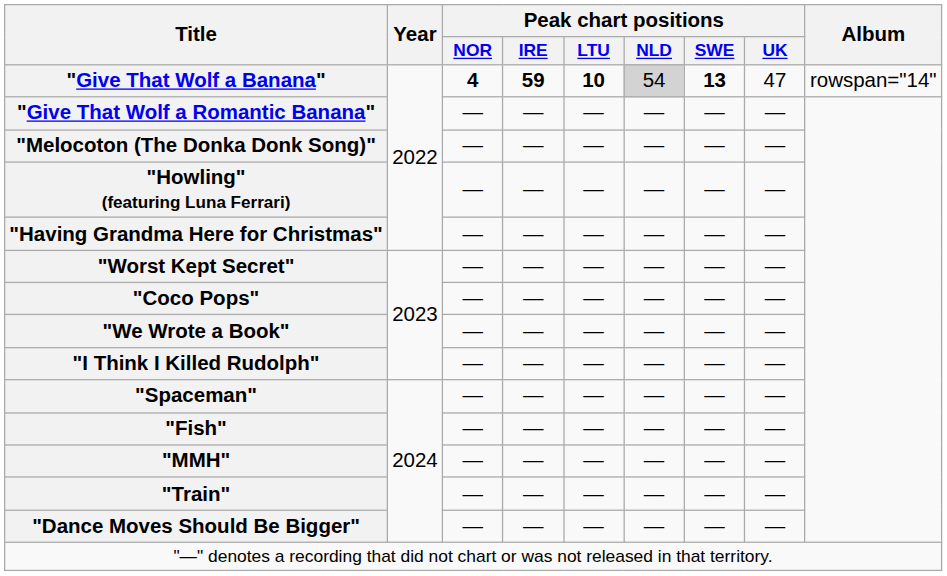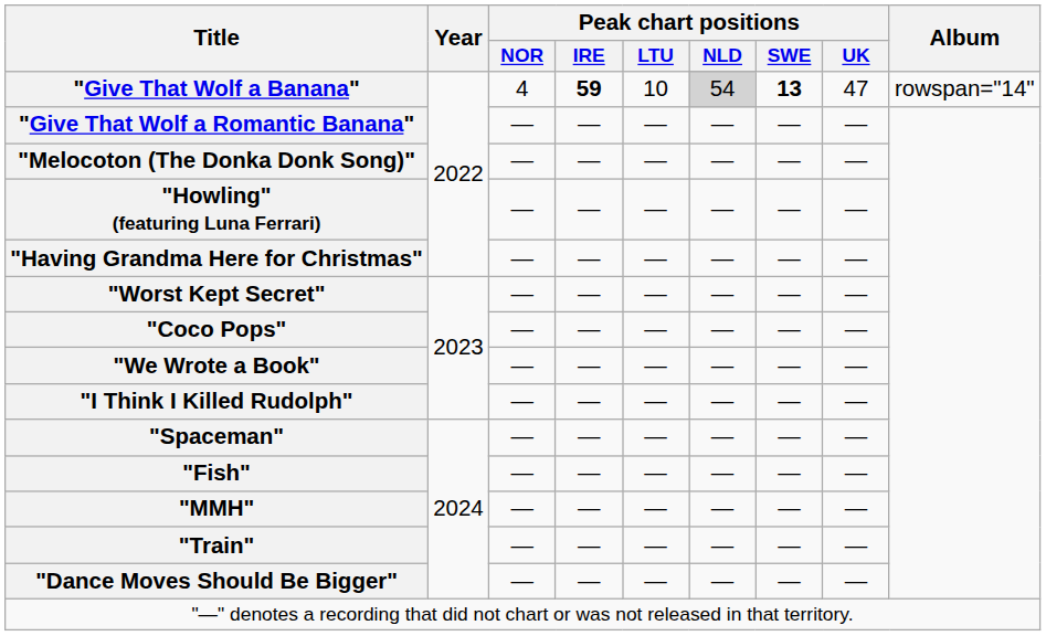 <table class="wikitable plainrowheaders" style="text-align:center;">
 <tr>
 <th scope="col" rowspan="2">Title</th>
 <th scope="col" rowspan="2">Year</th>
 <th scope="col" colspan="6">Peak chart positions</th>
 <th scope="col" rowspan="2">Album</th>
 </tr>
 <tr>
 <th scope="col" style="width:3em;font-size:85%;"><a href='#'>NOR</a><br></th>
 <th scope="col" style="width:3em;font-size:85%;"><a href='#'>IRE</a><br></th>
 <th scope="col" style="width:3em;font-size:85%;"><a href='#'>LTU</a><br></th>
 <th scope="col" style="width:3em;font-size:85%;"><a href='#'>NLD</a><br></th>
 <th scope="col" style="width:3em;font-size:85%;"><a href='#'>SWE</a><br></th>
 <th scope="col" style="width:3em;font-size:85%;"><a href='#'>UK</a><br></th>
 </tr>
 <tr>
 <th scope="row">"<a href='#'>Give That Wolf a Banana</a>"</th>
 <td rowspan="5">2022</td>
-<td><strong>4</strong></td>
+<td>4</td>
 <td><strong>59</strong></td>
-<td><strong>10</strong></td>
+<td>10</td>
 <td style="background: lightgrey;">54</td>
 <td><strong>13</strong></td>
 <td>47</td>
 <td>rowspan="14" </td>
 </tr>
 <tr>
 <th scope="row">"<a href='#'>Give That Wolf a Romantic Banana</a>"</th>
 <td>—</td>
 <td>—</td>
 <td>—</td>
 <td>—</td>
 <td>—</td>
 <td>—</td>
 </tr>
 <tr>
 <th scope="row">"Melocoton (The Donka Donk Song)"</th>
 <td>—</td>
 <td>—</td>
 <td>—</td>
 <td>—</td>
 <td>—</td>
 <td>—</td>
 </tr>
 <tr>
 <th scope="row">"Howling"<br><small>(featuring Luna Ferrari)</small></th>
 <td>—</td>
 <td>—</td>
 <td>—</td>
 <td>—</td>
 <td>—</td>
 <td>—</td>
 </tr>
 <tr>
 <th scope="row">"Having Grandma Here for Christmas"</th>
 <td>—</td>
 <td>—</td>
 <td>—</td>
 <td>—</td>
 <td>—</td>
 <td>—</td>
 </tr>
 <tr>
 <th scope="row">"Worst Kept Secret"</th>
 <td rowspan="4">2023</td>
 <td>—</td>
 <td>—</td>
 <td>—</td>
 <td>—</td>
 <td>—</td>
 <td>—</td>
 </tr>
 <tr>
 <th scope="row">"Coco Pops"<br></th>
 <td>—</td>
 <td>—</td>
 <td>—</td>
 <td>—</td>
 <td>—</td>
 <td>—</td>
 </tr>
 <tr>
 <th scope="row">"We Wrote a Book"</th>
 <td>—</td>
 <td>—</td>
 <td>—</td>
 <td>—</td>
 <td>—</td>
 <td>—</td>
 </tr>
 <tr>
 <th scope="row">"I Think I Killed Rudolph"<br></th>
 <td>—</td>
 <td>—</td>
 <td>—</td>
 <td>—</td>
 <td>—</td>
 <td>—</td>
 </tr>
 <tr>
 <th scope="row">"Spaceman"<br></th>
 <td rowspan="5">2024</td>
 <td>—</td>
 <td>—</td>
 <td>—</td>
 <td>—</td>
 <td>—</td>
 <td>—</td>
 </tr>
 <tr>
 <th scope="row">"Fish"<br></th>
 <td>—</td>
 <td>—</td>
 <td>—</td>
 <td>—</td>
 <td>—</td>
 <td>—</td>
 </tr>
 <tr>
 <th scope="row">"MMH"<br></th>
 <td>—</td>
 <td>—</td>
 <td>—</td>
 <td>—</td>
 <td>—</td>
 <td>—</td>
 </tr>
 <tr>
 <th scope="row">"Train"<br></th>
 <td>—</td>
 <td>—</td>
 <td>—</td>
 <td>—</td>
 <td>—</td>
 <td>—</td>
 </tr>
 <tr>
 <th scope="row">"Dance Moves Should Be Bigger"</th>
 <td>—</td>
 <td>—</td>
 <td>—</td>
 <td>—</td>
 <td>—</td>
 <td>—</td>
 </tr>
 <tr>
 <td colspan="9" style="font-size:85%">"—" denotes a recording that did not chart or was not released in that territory.</td>
 </tr>
 </table>
